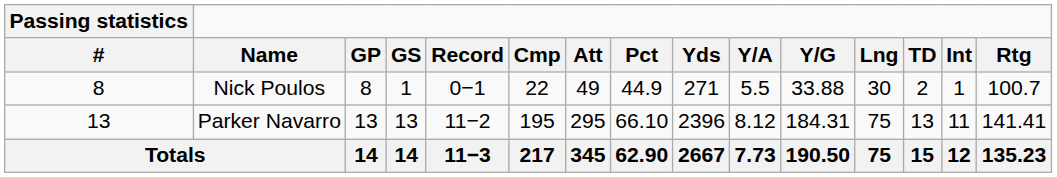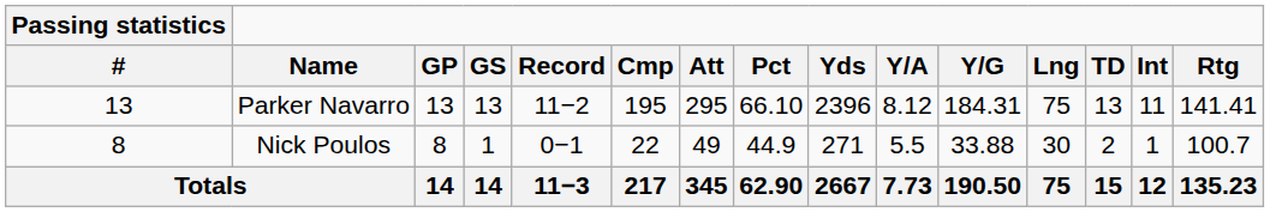 <table class="wikitable sortable" style="text-align:center;">
 <tr>
 <th style="text-align:center;">Passing statistics</th>
 </tr>
 <tr>
 <th>#</th>
 <th>Name</th>
 <th>GP</th>
 <th>GS</th>
 <th>Record</th>
 <th>Cmp</th>
 <th>Att</th>
 <th>Pct</th>
 <th>Yds</th>
 <th>Y/A</th>
 <th>Y/G</th>
 <th>Lng</th>
 <th>TD</th>
 <th>Int</th>
 <th>Rtg</th>
 </tr>
 <tr>
+<td>13</td>
+<td>Parker Navarro</td>
+<td>13</td>
+<td>13</td>
+<td>11−2</td>
+<td>195</td>
+<td>295</td>
+<td>66.10</td>
+<td>2396</td>
+<td>8.12</td>
+<td>184.31</td>
+<td>75</td>
+<td>13</td>
+<td>11</td>
+<td>141.41</td>
+</tr>
+<tr>
 <td>8</td>
 <td>Nick Poulos</td>
 <td>8</td>
 <td>1</td>
 <td>0−1</td>
 <td>22</td>
 <td>49</td>
 <td>44.9</td>
 <td>271</td>
 <td>5.5</td>
 <td>33.88</td>
 <td>30</td>
 <td>2</td>
 <td>1</td>
 <td>100.7</td>
-</tr>
-<tr>
-<td>13</td>
-<td>Parker Navarro</td>
-<td>13</td>
-<td>13</td>
-<td>11−2</td>
-<td>195</td>
-<td>295</td>
-<td>66.10</td>
-<td>2396</td>
-<td>8.12</td>
-<td>184.31</td>
-<td>75</td>
-<td>13</td>
-<td>11</td>
-<td>141.41</td>
 </tr>
 <tr>
 <th colspan="2">Totals</th>
 <th>14</th>
 <th>14</th>
 <th>11−3</th>
 <th>217</th>
 <th>345</th>
 <th>62.90</th>
 <th>2667</th>
 <th>7.73</th>
 <th>190.50</th>
 <th>75</th>
 <th>15</th>
 <th>12</th>
 <th>135.23</th>
 </tr>
 </table>
